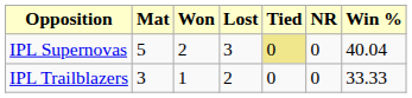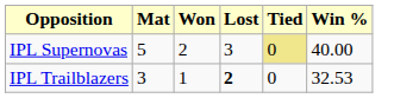 <table class="wikitable sortable">
 <tr>
 <th style="background:#ffc;">Opposition</th>
 <th style="background:#ffc;">Mat</th>
 <th style="background:#ffc;">Won</th>
 <th style="background:#ffc;">Lost</th>
 <th style="background:#ffc;">Tied</th>
-<th style="background:#ffc;">NR</th>
 <th style="background:#ffc;">Win %</th>
 </tr>
 <tr>
 <td><a href='#'>IPL Supernovas</a></td>
 <td>5</td>
 <td>2</td>
 <td>3</td>
 <td style="background: khaki;">0</td>
-<td>0</td>
-<td>40.04</td>
+<td>40.00</td>
 </tr>
 <tr>
 <td><a href='#'>IPL Trailblazers</a></td>
 <td>3</td>
 <td>1</td>
-<td>2</td>
+<td><strong>2</strong></td>
 <td>0</td>
-<td>0</td>
-<td>33.33</td>
+<td>32.53</td>
 </tr>
 </table>
